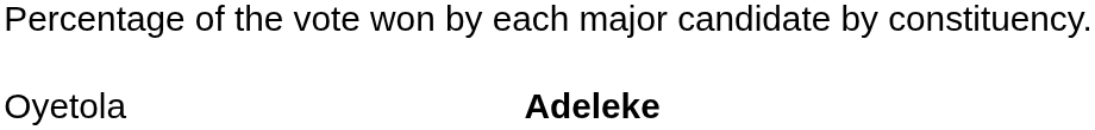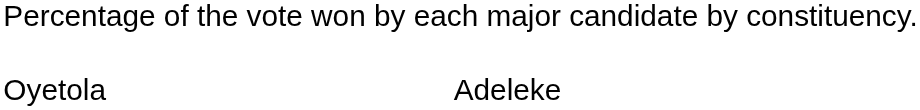 <table align=center>
 <tr>
 <td colspan=2>Percentage of the vote won by each major candidate by constituency.</td>
 </tr>
 <tr>
 <td><br>Oyetola<br>  </td>
-<td><strong><br>Adeleke<br>  </strong></td>
+<td><br>Adeleke<br>  </td>
 </tr>
 </table>
